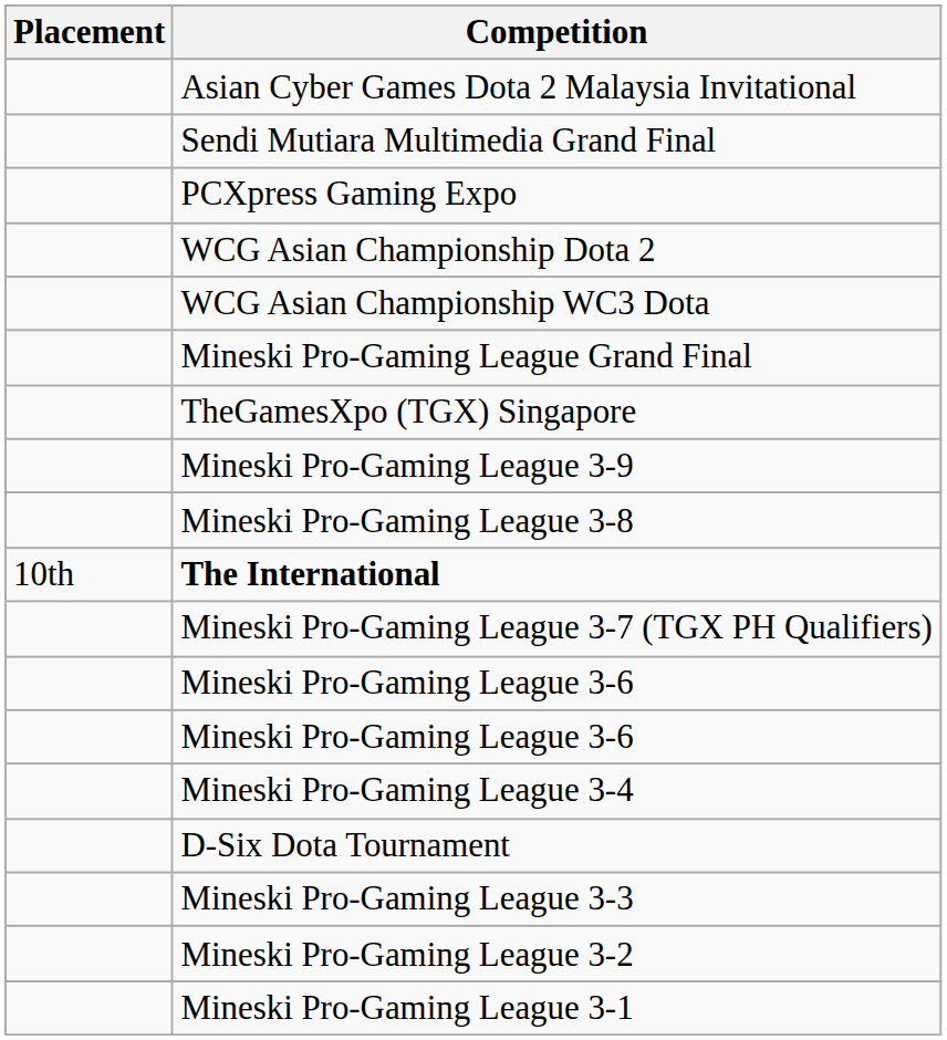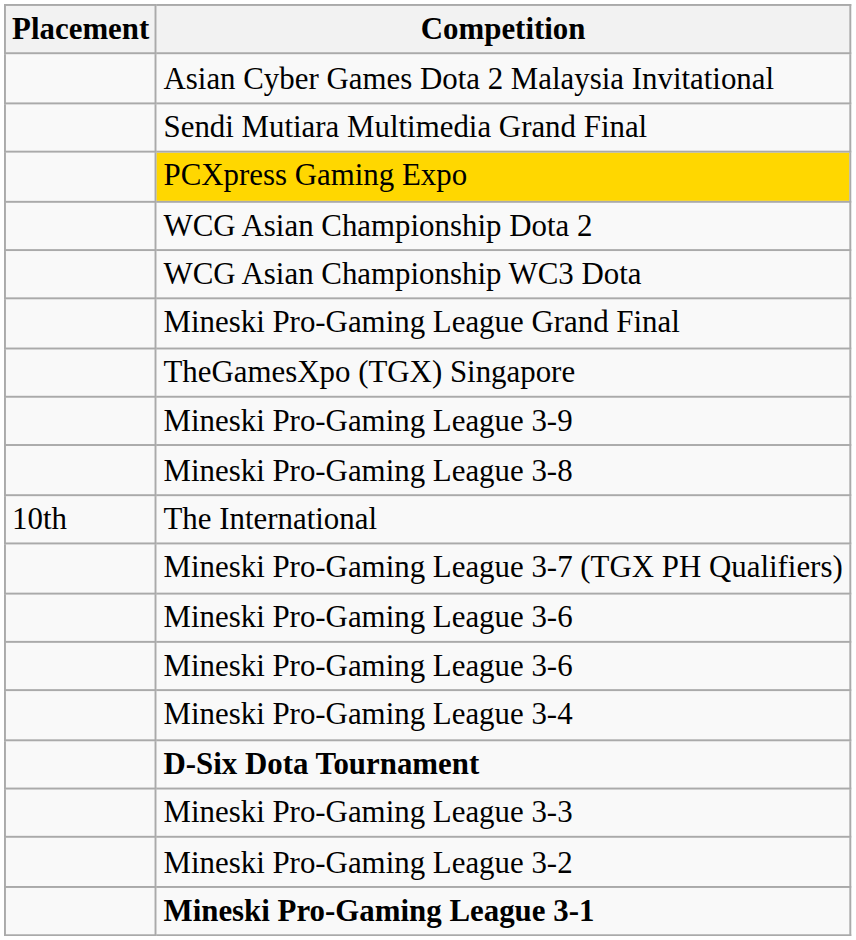 <table class="wikitable">
 <tr>
 <th>Placement</th>
 <th>Competition</th>
 </tr>
 <tr>
 <td></td>
 <td>Asian Cyber Games Dota 2 Malaysia Invitational</td>
 </tr>
 <tr>
 <td></td>
 <td>Sendi Mutiara Multimedia Grand Final</td>
 </tr>
 <tr>
 <td></td>
-<td>PCXpress Gaming Expo</td>
+<td style="background: gold;">PCXpress Gaming Expo</td>
 </tr>
 <tr>
 <td></td>
 <td>WCG Asian Championship Dota 2</td>
 </tr>
 <tr>
 <td></td>
 <td>WCG Asian Championship WC3 Dota</td>
 </tr>
 <tr>
 <td></td>
 <td>Mineski Pro-Gaming League Grand Final</td>
 </tr>
 <tr>
 <td></td>
 <td>TheGamesXpo (TGX) Singapore</td>
 </tr>
 <tr>
 <td></td>
 <td>Mineski Pro-Gaming League 3-9</td>
 </tr>
 <tr>
 <td></td>
 <td>Mineski Pro-Gaming League 3-8</td>
 </tr>
 <tr>
 <td>10th</td>
-<td><strong>The International</strong></td>
+<td>The International</td>
 </tr>
 <tr>
 <td></td>
 <td>Mineski Pro-Gaming League 3-7 (TGX PH Qualifiers)</td>
 </tr>
 <tr>
 <td></td>
 <td>Mineski Pro-Gaming League 3-6</td>
 </tr>
 <tr>
 <td></td>
 <td>Mineski Pro-Gaming League 3-6</td>
 </tr>
 <tr>
 <td></td>
 <td>Mineski Pro-Gaming League 3-4</td>
 </tr>
 <tr>
 <td></td>
-<td>D-Six Dota Tournament</td>
+<td><strong>D-Six Dota Tournament</strong></td>
 </tr>
 <tr>
 <td></td>
 <td>Mineski Pro-Gaming League 3-3</td>
 </tr>
 <tr>
 <td></td>
 <td>Mineski Pro-Gaming League 3-2</td>
 </tr>
 <tr>
 <td></td>
-<td>Mineski Pro-Gaming League 3-1</td>
+<td><strong>Mineski Pro-Gaming League 3-1</strong></td>
 </tr>
 </table>
